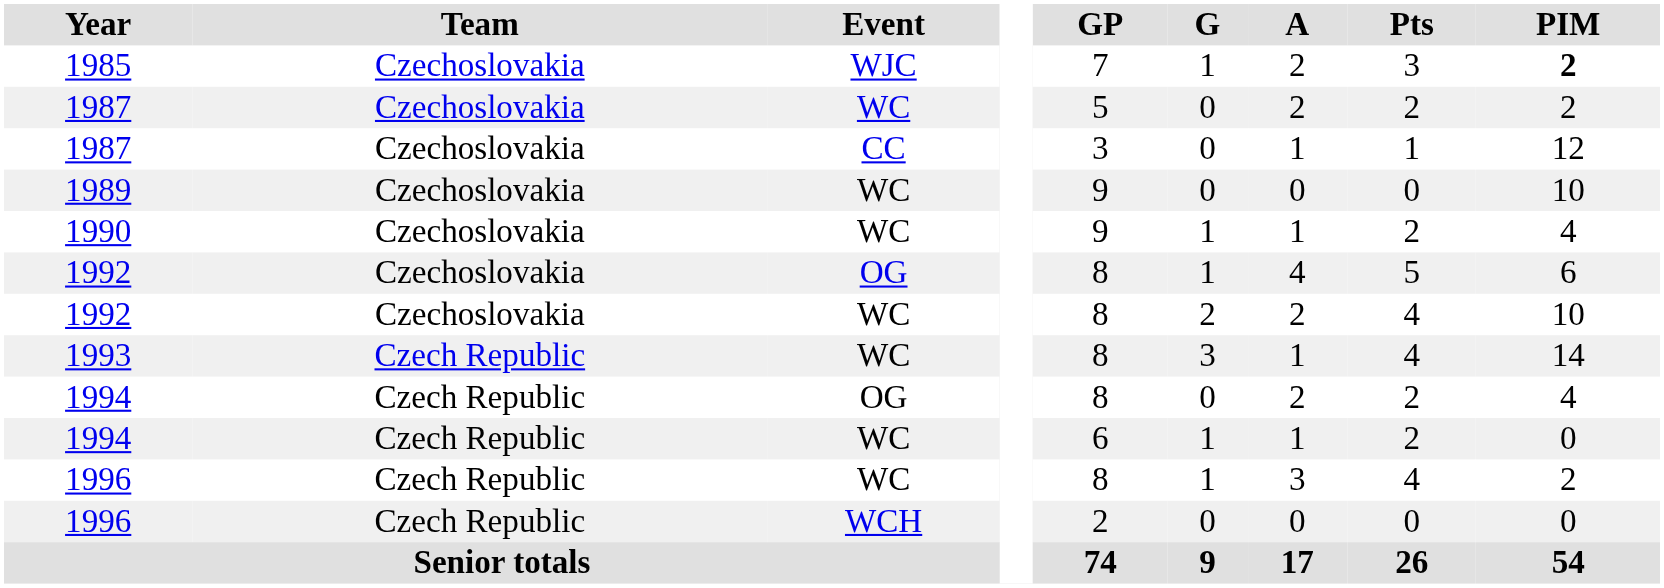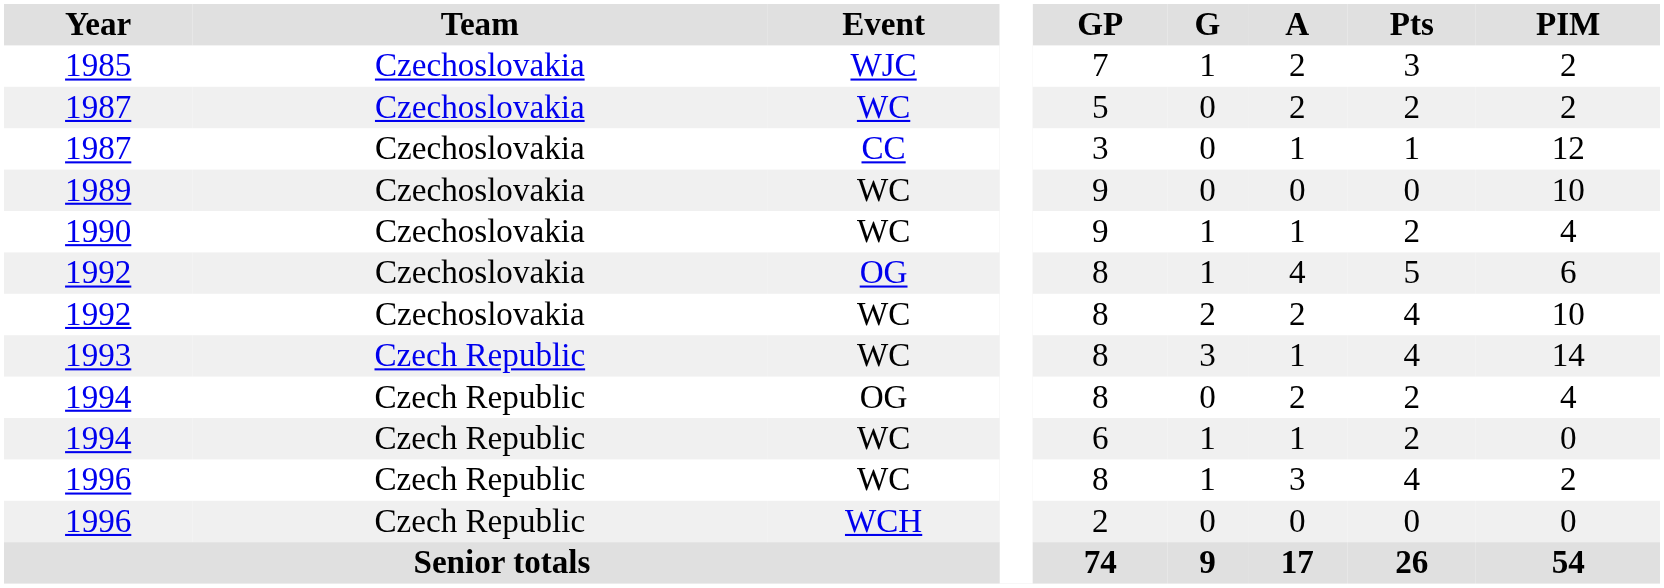 <table border="0" cellpadding="1" cellspacing="0" style="text-align:center; width:50em">
 <tr ALIGN="center" bgcolor="#e0e0e0">
 <th>Year</th>
 <th>Team</th>
 <th>Event</th>
 <th rowspan="99" bgcolor="#ffffff"> </th>
 <th>GP</th>
 <th>G</th>
 <th>A</th>
 <th>Pts</th>
 <th>PIM</th>
 </tr>
 <tr>
 <td><a href='#'>1985</a></td>
 <td><a href='#'>Czechoslovakia</a></td>
 <td><a href='#'>WJC</a></td>
 <td>7</td>
 <td>1</td>
 <td>2</td>
 <td>3</td>
-<td><strong>2</strong></td>
+<td>2</td>
 </tr>
 <tr bgcolor="#f0f0f0">
 <td><a href='#'>1987</a></td>
 <td><a href='#'>Czechoslovakia</a></td>
 <td><a href='#'>WC</a></td>
 <td>5</td>
 <td>0</td>
 <td>2</td>
 <td>2</td>
 <td>2</td>
 </tr>
 <tr>
 <td><a href='#'>1987</a></td>
 <td>Czechoslovakia</td>
 <td><a href='#'>CC</a></td>
 <td>3</td>
 <td>0</td>
 <td>1</td>
 <td>1</td>
 <td>12</td>
 </tr>
 <tr bgcolor="#f0f0f0">
 <td><a href='#'>1989</a></td>
 <td>Czechoslovakia</td>
 <td>WC</td>
 <td>9</td>
 <td>0</td>
 <td>0</td>
 <td>0</td>
 <td>10</td>
 </tr>
 <tr>
 <td><a href='#'>1990</a></td>
 <td>Czechoslovakia</td>
 <td>WC</td>
 <td>9</td>
 <td>1</td>
 <td>1</td>
 <td>2</td>
 <td>4</td>
 </tr>
 <tr bgcolor="#f0f0f0">
 <td><a href='#'>1992</a></td>
 <td>Czechoslovakia</td>
 <td><a href='#'>OG</a></td>
 <td>8</td>
 <td>1</td>
 <td>4</td>
 <td>5</td>
 <td>6</td>
 </tr>
 <tr>
 <td><a href='#'>1992</a></td>
 <td>Czechoslovakia</td>
 <td>WC</td>
 <td>8</td>
 <td>2</td>
 <td>2</td>
 <td>4</td>
 <td>10</td>
 </tr>
 <tr bgcolor="#f0f0f0">
 <td><a href='#'>1993</a></td>
 <td><a href='#'>Czech Republic</a></td>
 <td>WC</td>
 <td>8</td>
 <td>3</td>
 <td>1</td>
 <td>4</td>
 <td>14</td>
 </tr>
 <tr>
 <td><a href='#'>1994</a></td>
 <td>Czech Republic</td>
 <td>OG</td>
 <td>8</td>
 <td>0</td>
 <td>2</td>
 <td>2</td>
 <td>4</td>
 </tr>
 <tr bgcolor="#f0f0f0">
 <td><a href='#'>1994</a></td>
 <td>Czech Republic</td>
 <td>WC</td>
 <td>6</td>
 <td>1</td>
 <td>1</td>
 <td>2</td>
 <td>0</td>
 </tr>
 <tr>
 <td><a href='#'>1996</a></td>
 <td>Czech Republic</td>
 <td>WC</td>
 <td>8</td>
 <td>1</td>
 <td>3</td>
 <td>4</td>
 <td>2</td>
 </tr>
 <tr bgcolor="#f0f0f0">
 <td><a href='#'>1996</a></td>
 <td>Czech Republic</td>
 <td><a href='#'>WCH</a></td>
 <td>2</td>
 <td>0</td>
 <td>0</td>
 <td>0</td>
 <td>0</td>
 </tr>
 <tr bgcolor="#e0e0e0">
 <th colspan=3>Senior totals</th>
 <th>74</th>
 <th>9</th>
 <th>17</th>
 <th>26</th>
 <th>54</th>
 </tr>
 </table>
